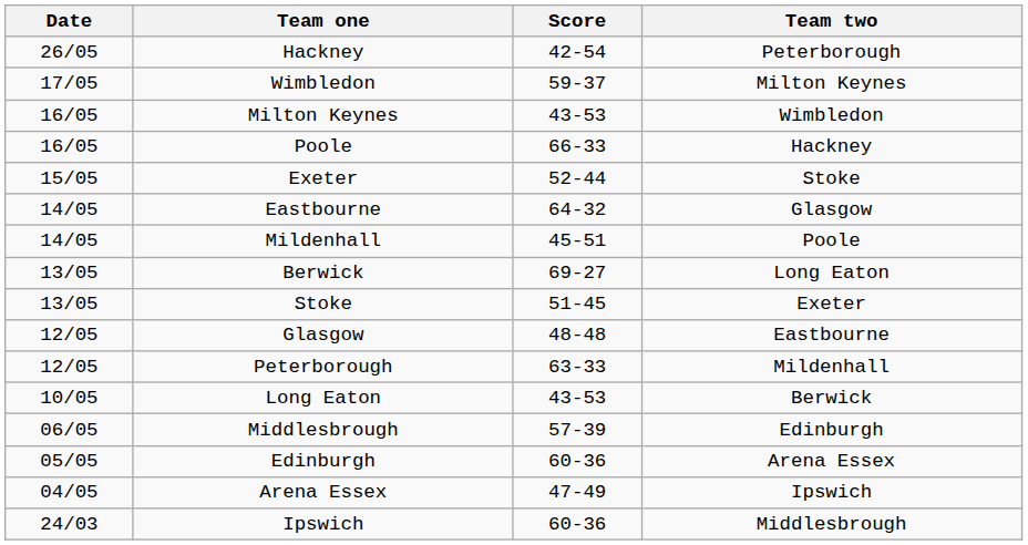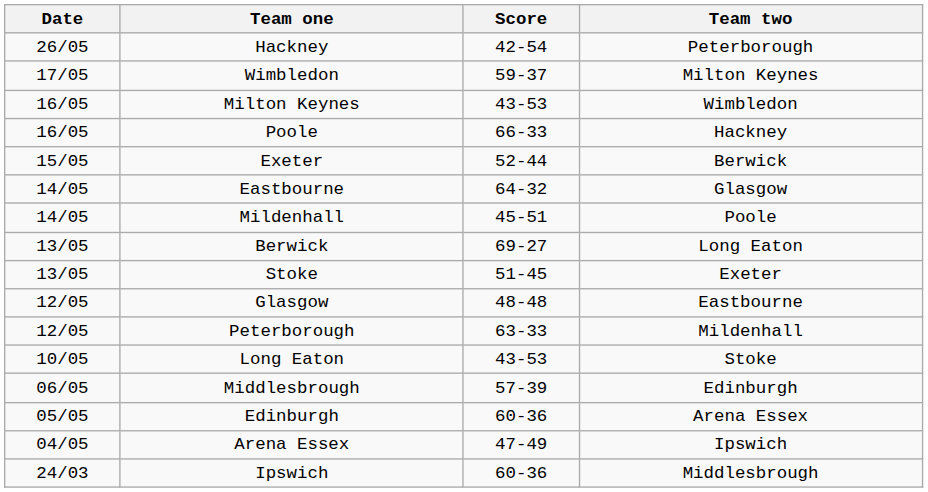 <table class="wikitable" style="text-align: center">
 <tr>
 <th width=80>Date</th>
 <th width=250>Team one</th>
 <th width=80>Score</th>
 <th width=250>Team two</th>
 </tr>
 <tr>
 <td>26/05</td>
 <td>Hackney</td>
 <td>42-54</td>
 <td>Peterborough</td>
 </tr>
 <tr>
 <td>17/05</td>
 <td>Wimbledon</td>
 <td>59-37</td>
 <td>Milton Keynes</td>
 </tr>
 <tr>
 <td>16/05</td>
 <td>Milton Keynes</td>
 <td>43-53</td>
 <td>Wimbledon</td>
 </tr>
 <tr>
 <td>16/05</td>
 <td>Poole</td>
 <td>66-33</td>
 <td>Hackney</td>
 </tr>
 <tr>
 <td>15/05</td>
 <td>Exeter</td>
 <td>52-44</td>
-<td>Stoke</td>
+<td>Berwick</td>
 </tr>
 <tr>
 <td>14/05</td>
 <td>Eastbourne</td>
 <td>64-32</td>
 <td>Glasgow</td>
 </tr>
 <tr>
 <td>14/05</td>
 <td>Mildenhall</td>
 <td>45-51</td>
 <td>Poole</td>
 </tr>
 <tr>
 <td>13/05</td>
 <td>Berwick</td>
 <td>69-27</td>
 <td>Long Eaton</td>
 </tr>
 <tr>
 <td>13/05</td>
 <td>Stoke</td>
 <td>51-45</td>
 <td>Exeter</td>
 </tr>
 <tr>
 <td>12/05</td>
 <td>Glasgow</td>
 <td>48-48</td>
 <td>Eastbourne</td>
 </tr>
 <tr>
 <td>12/05</td>
 <td>Peterborough</td>
 <td>63-33</td>
 <td>Mildenhall</td>
 </tr>
 <tr>
 <td>10/05</td>
 <td>Long Eaton</td>
 <td>43-53</td>
-<td>Berwick</td>
+<td>Stoke</td>
 </tr>
 <tr>
 <td>06/05</td>
 <td>Middlesbrough</td>
 <td>57-39</td>
 <td>Edinburgh</td>
 </tr>
 <tr>
 <td>05/05</td>
 <td>Edinburgh</td>
 <td>60-36</td>
 <td>Arena Essex</td>
 </tr>
 <tr>
 <td>04/05</td>
 <td>Arena Essex</td>
 <td>47-49</td>
 <td>Ipswich</td>
 </tr>
 <tr>
 <td>24/03</td>
 <td>Ipswich</td>
 <td>60-36</td>
 <td>Middlesbrough</td>
 </tr>
 </table>
